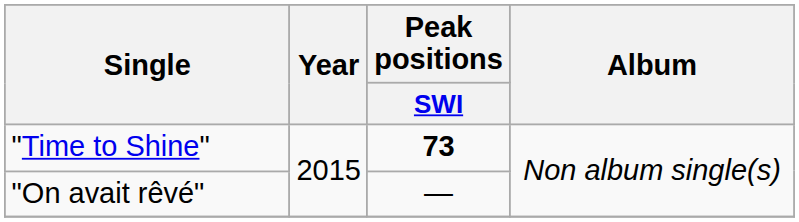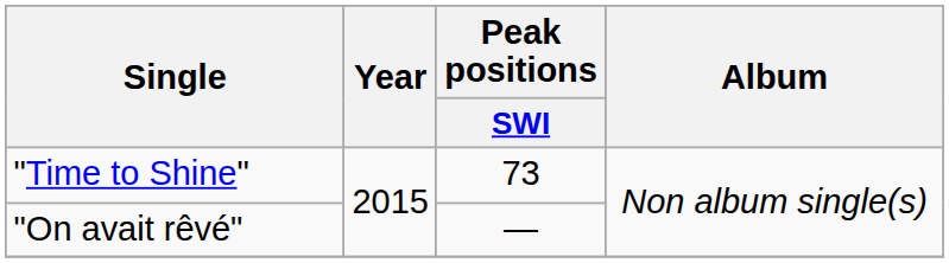 <table class="wikitable">
 <tr>
 <th align="center" rowspan="2" width="150">Single</th>
 <th align="center" rowspan="2" width="10">Year</th>
 <th align="center" colspan="1" width="20">Peak positions</th>
 <th align="center" rowspan="2" width="150">Album</th>
 </tr>
 <tr>
 <th scope="col" style="width:3em;font-size:90%;"><a href='#'>SWI</a><br></th>
 </tr>
 <tr>
 <td>"<a href='#'>Time to Shine</a>"</td>
 <td style="text-align:center;" rowspan="2">2015</td>
-<td style="text-align:center;"><strong>73</strong></td>
+<td style="text-align:center;">73</td>
 <td style="text-align:center;" rowspan="2"><em>Non album single(s)</em></td>
 </tr>
 <tr>
 <td>"On avait rêvé"</td>
 <td style="text-align:center;">—</td>
 </tr>
 <tr>
 </tr>
 </table>
